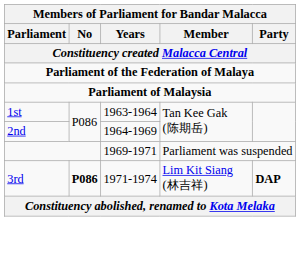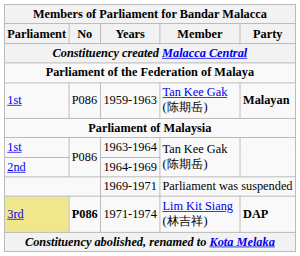 <table class=wikitable>
 <tr>
 <th colspan="5">Members of Parliament for Bandar Malacca</th>
 </tr>
 <tr>
 <th>Parliament</th>
 <th>No</th>
 <th>Years</th>
 <th>Member</th>
 <th>Party</th>
 </tr>
 <tr>
 <th colspan="5" align="center"><em>Constituency created <a href='#'>Malacca Central</a></em></th>
 </tr>
 <tr>
 <td colspan="5" align="center"><strong>Parliament of the Federation of Malaya</strong></td>
+</tr>
+<tr>
+<td><a href='#'>1st</a></td>
+<td>P086</td>
+<td>1959-1963</td>
+<td><a href='#'>Tan Kee Gak</a> <br> (陈期岳)</td>
+<td><strong>Malayan</strong></td>
 </tr>
 <tr>
 <td colspan="5" align="center"><strong>Parliament of Malaysia</strong></td>
 </tr>
 <tr>
 <td><a href='#'>1st</a></td>
 <td rowspan="2">P086</td>
 <td>1963-1964</td>
 <td rowspan=2>Tan Kee Gak <br> (陈期岳)</td>
 <td rowspan="2"></td>
 </tr>
 <tr>
 <td><a href='#'>2nd</a></td>
 <td>1964-1969</td>
 </tr>
 <tr>
 <td colspan="2"></td>
 <td>1969-1971</td>
 <td colspan=2 align=center>Parliament was suspended</td>
 </tr>
 <tr>
-<td><a href='#'>3rd</a></td>
+<td style="background: khaki;"><a href='#'>3rd</a></td>
 <td><strong>P086</strong></td>
 <td>1971-1974</td>
 <td><a href='#'>Lim Kit Siang</a>  <br>(林吉祥)</td>
 <td><strong>DAP</strong></td>
 </tr>
 <tr>
 <th colspan="5" align="center"><em>Constituency abolished, renamed to <a href='#'>Kota Melaka</a></em></th>
 </tr>
 </table>
